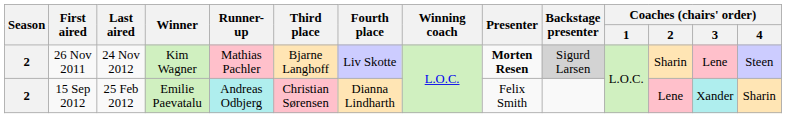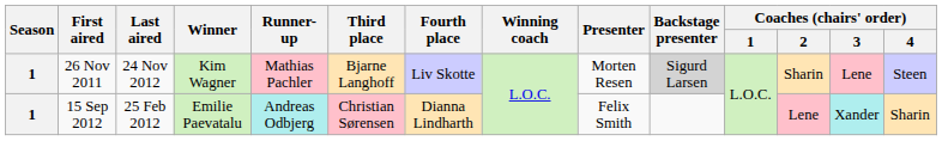 <table class="wikitable" style="text-align:center; font-size:90%; line-height:16px; width:100%">
 <tr>
 <th rowspan="2" scope="col" width="04%">Season</th>
 <th rowspan="2" scope="col" width="06%">First aired</th>
 <th rowspan="2" scope="col" width="06%">Last aired</th>
 <th rowspan="2" scope="col" width="08%">Winner</th>
 <th rowspan="2" scope="col" width="08%">Runner-up</th>
 <th rowspan="2" scope="col" width="08%">Third place</th>
 <th rowspan="2" scope="col" width="08%">Fourth place</th>
 <th rowspan="2" scope="col" width="10%">Winning coach</th>
 <th rowspan="2" scope="col" width="07%">Presenter</th>
 <th rowspan="2" scope="col" width="06%">Backstage presenter</th>
 <th colspan="4" scope="col" width="20%">Coaches (chairs' order)</th>
 </tr>
 <tr>
 <th width="5.5%">1</th>
 <th width="5.5%">2</th>
 <th width="5.5%">3</th>
 <th width="5.5%">4</th>
 </tr>
 <tr>
-<th>2</th>
+<th>1</th>
 <td>26 Nov 2011</td>
 <td>24 Nov 2012</td>
 <td style="background:#d0f0c0">Kim Wagner</td>
 <td style="background: pink">Mathias Pachler</td>
 <td style="background:#ffe5b4">Bjarne Langhoff</td>
 <td style="background:#ccccff">Liv Skotte</td>
 <td style="background:#d0f0c0" rowspan="2"><a href='#'>L.O.C.</a></td>
-<td><strong>Morten Resen</strong></td>
+<td>Morten Resen</td>
 <td style="background: lightgrey;">Sigurd Larsen</td>
 <td style="background:#d0f0c0" rowspan="2">L.O.C.</td>
 <td style="background:#ffe5b4">Sharin</td>
 <td style="background: pink">Lene</td>
 <td style="background:#ccccff">Steen</td>
 </tr>
 <tr>
-<th>2</th>
+<th>1</th>
 <td>15 Sep 2012</td>
 <td>25 Feb 2012</td>
 <td style="background:#d0f0c0">Emilie Paevatalu</td>
 <td style="background:#afeeee">Andreas Odbjerg</td>
 <td style="background: pink">Christian  Sørensen</td>
 <td style="background:#ffe5b4">Dianna Lindharth</td>
 <td>Felix Smith</td>
 <td></td>
 <td style="background: pink">Lene</td>
 <td style="background:#afeeee">Xander</td>
 <td style="background:#ffe5b4">Sharin</td>
 </tr>
 </table>
